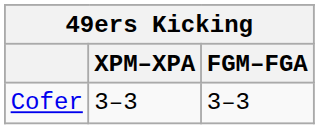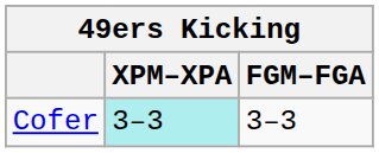 <table class="wikitable">
 <tr>
 <th colspan="3">49ers Kicking</th>
 </tr>
 <tr>
 <th></th>
 <th>XPM–XPA</th>
 <th>FGM–FGA</th>
 </tr>
 <tr>
 <td><a href='#'>Cofer</a></td>
-<td>3–3</td>
+<td style="background: paleturquoise;">3–3</td>
 <td>3–3</td>
 </tr>
 </table>
